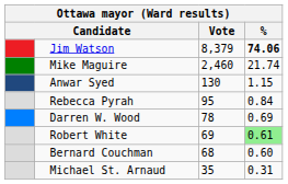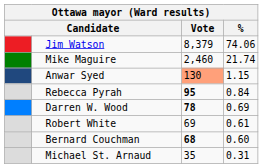 <table class="wikitable">
 <tr>
 <th colspan="4">Ottawa mayor (Ward results)</th>
 </tr>
 <tr>
 <th bgcolor="#DDDDFF" width="230px" colspan="2">Candidate</th>
 <th bgcolor="#DDDDFF" width="50px">Vote</th>
 <th bgcolor="#DDDDFF" width="30px">%</th>
 </tr>
 <tr>
 <td bgcolor=#ED1D24 width="30px"> </td>
 <td>  <a href='#'>Jim Watson</a></td>
 <td>8,379</td>
-<td><strong>74.06</strong></td>
+<td>74.06</td>
 </tr>
 <tr>
 <td bgcolor=#008000 width="30px"> </td>
 <td>  Mike Maguire</td>
 <td>2,460</td>
 <td>21.74</td>
 </tr>
 <tr>
 <td bgcolor=#20487E width="30px"> </td>
 <td>  Anwar Syed</td>
-<td>130</td>
+<td style="background: lightsalmon;">130</td>
 <td>1.15</td>
 </tr>
 <tr>
 <td bgcolor=#DCDCDC width="30px"> </td>
 <td>  Rebecca Pyrah</td>
-<td>95</td>
+<td><strong>95</strong></td>
 <td>0.84</td>
 </tr>
 <tr>
 <td bgcolor=#007FFF width="30px"> </td>
 <td>  Darren W. Wood</td>
-<td>78</td>
+<td><strong>78</strong></td>
 <td>0.69</td>
 </tr>
 <tr>
 <td bgcolor=#DCDCDC width="30px"> </td>
 <td>  Robert White</td>
 <td>69</td>
-<td style="background: lightgreen;">0.61</td>
+<td>0.61</td>
 </tr>
 <tr>
 <td bgcolor=#DCDCDC width="30px"> </td>
 <td>  Bernard Couchman</td>
-<td>68</td>
+<td><strong>68</strong></td>
 <td>0.60</td>
 </tr>
 <tr>
 <td bgcolor=#DCDCDC width="30px"> </td>
 <td>  Michael St. Arnaud</td>
 <td>35</td>
 <td>0.31</td>
 </tr>
 </table>
